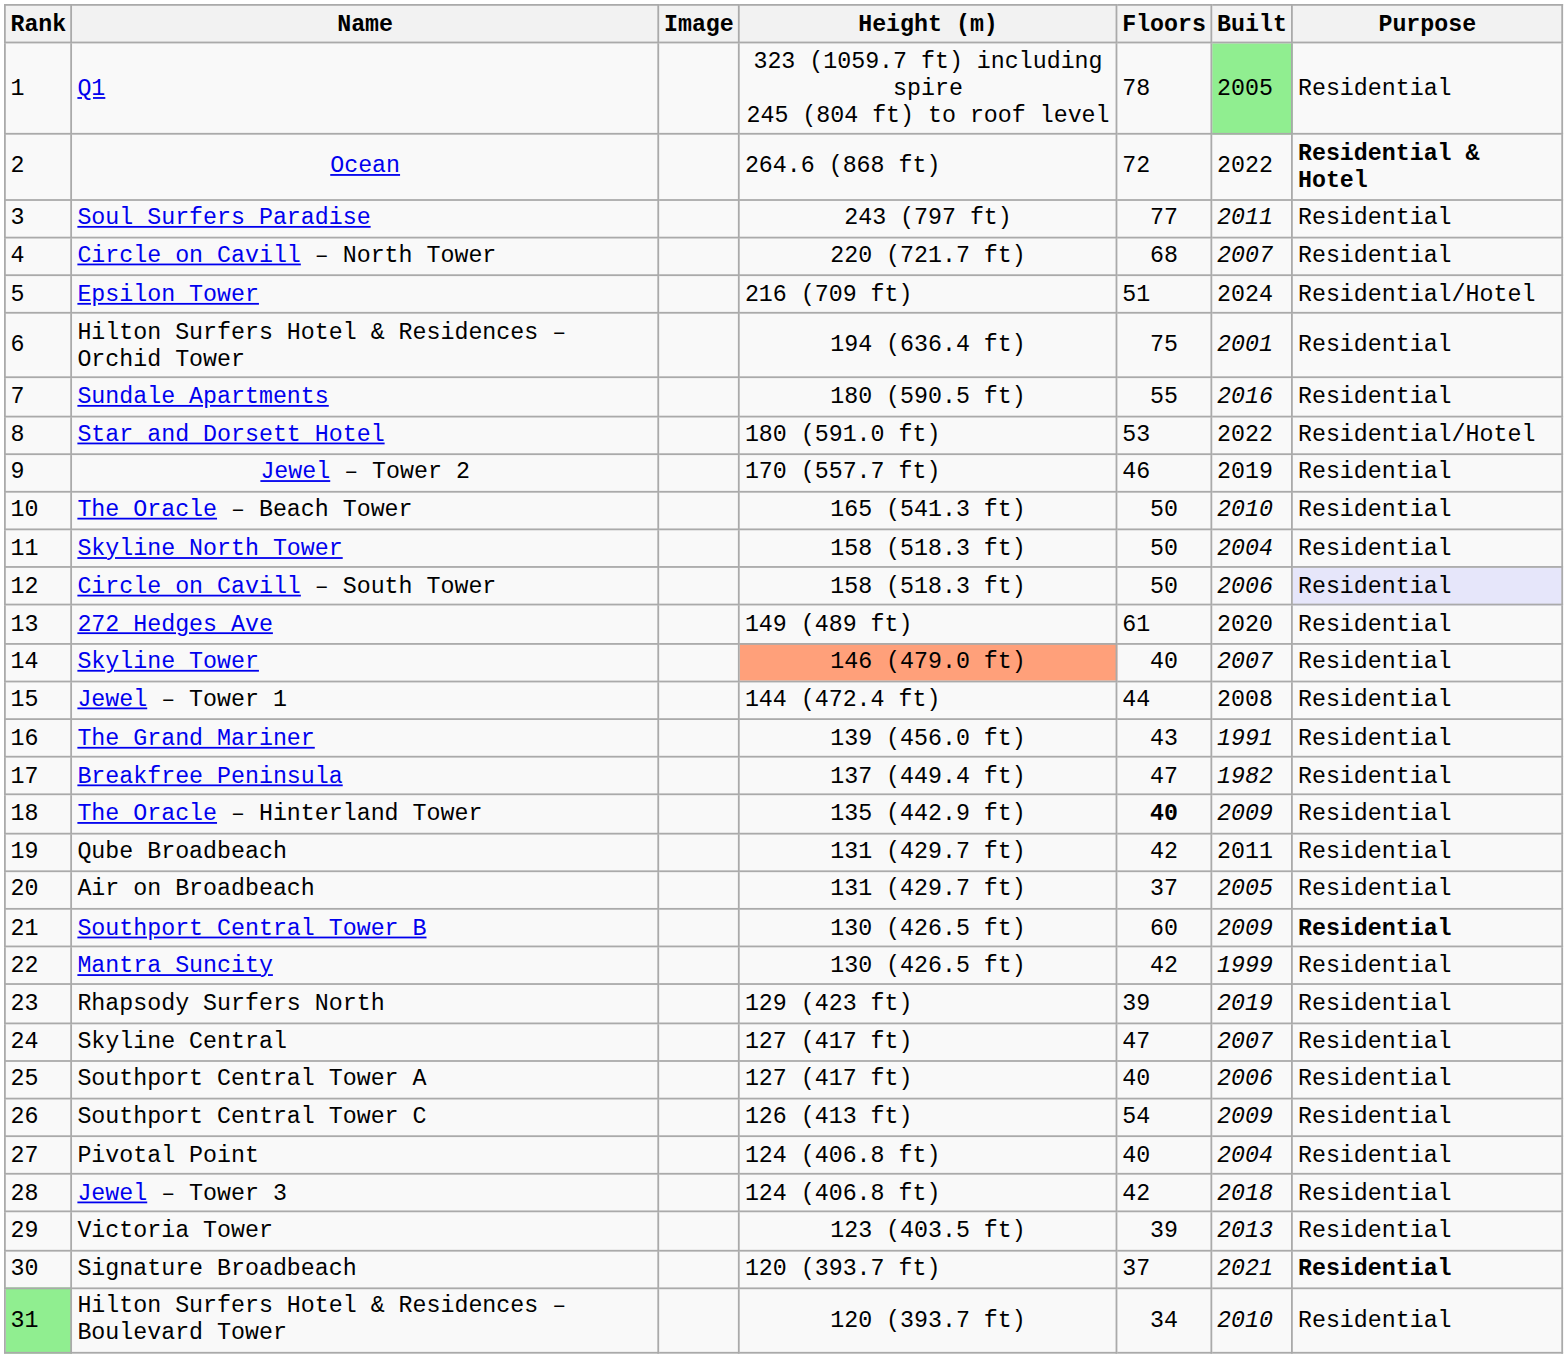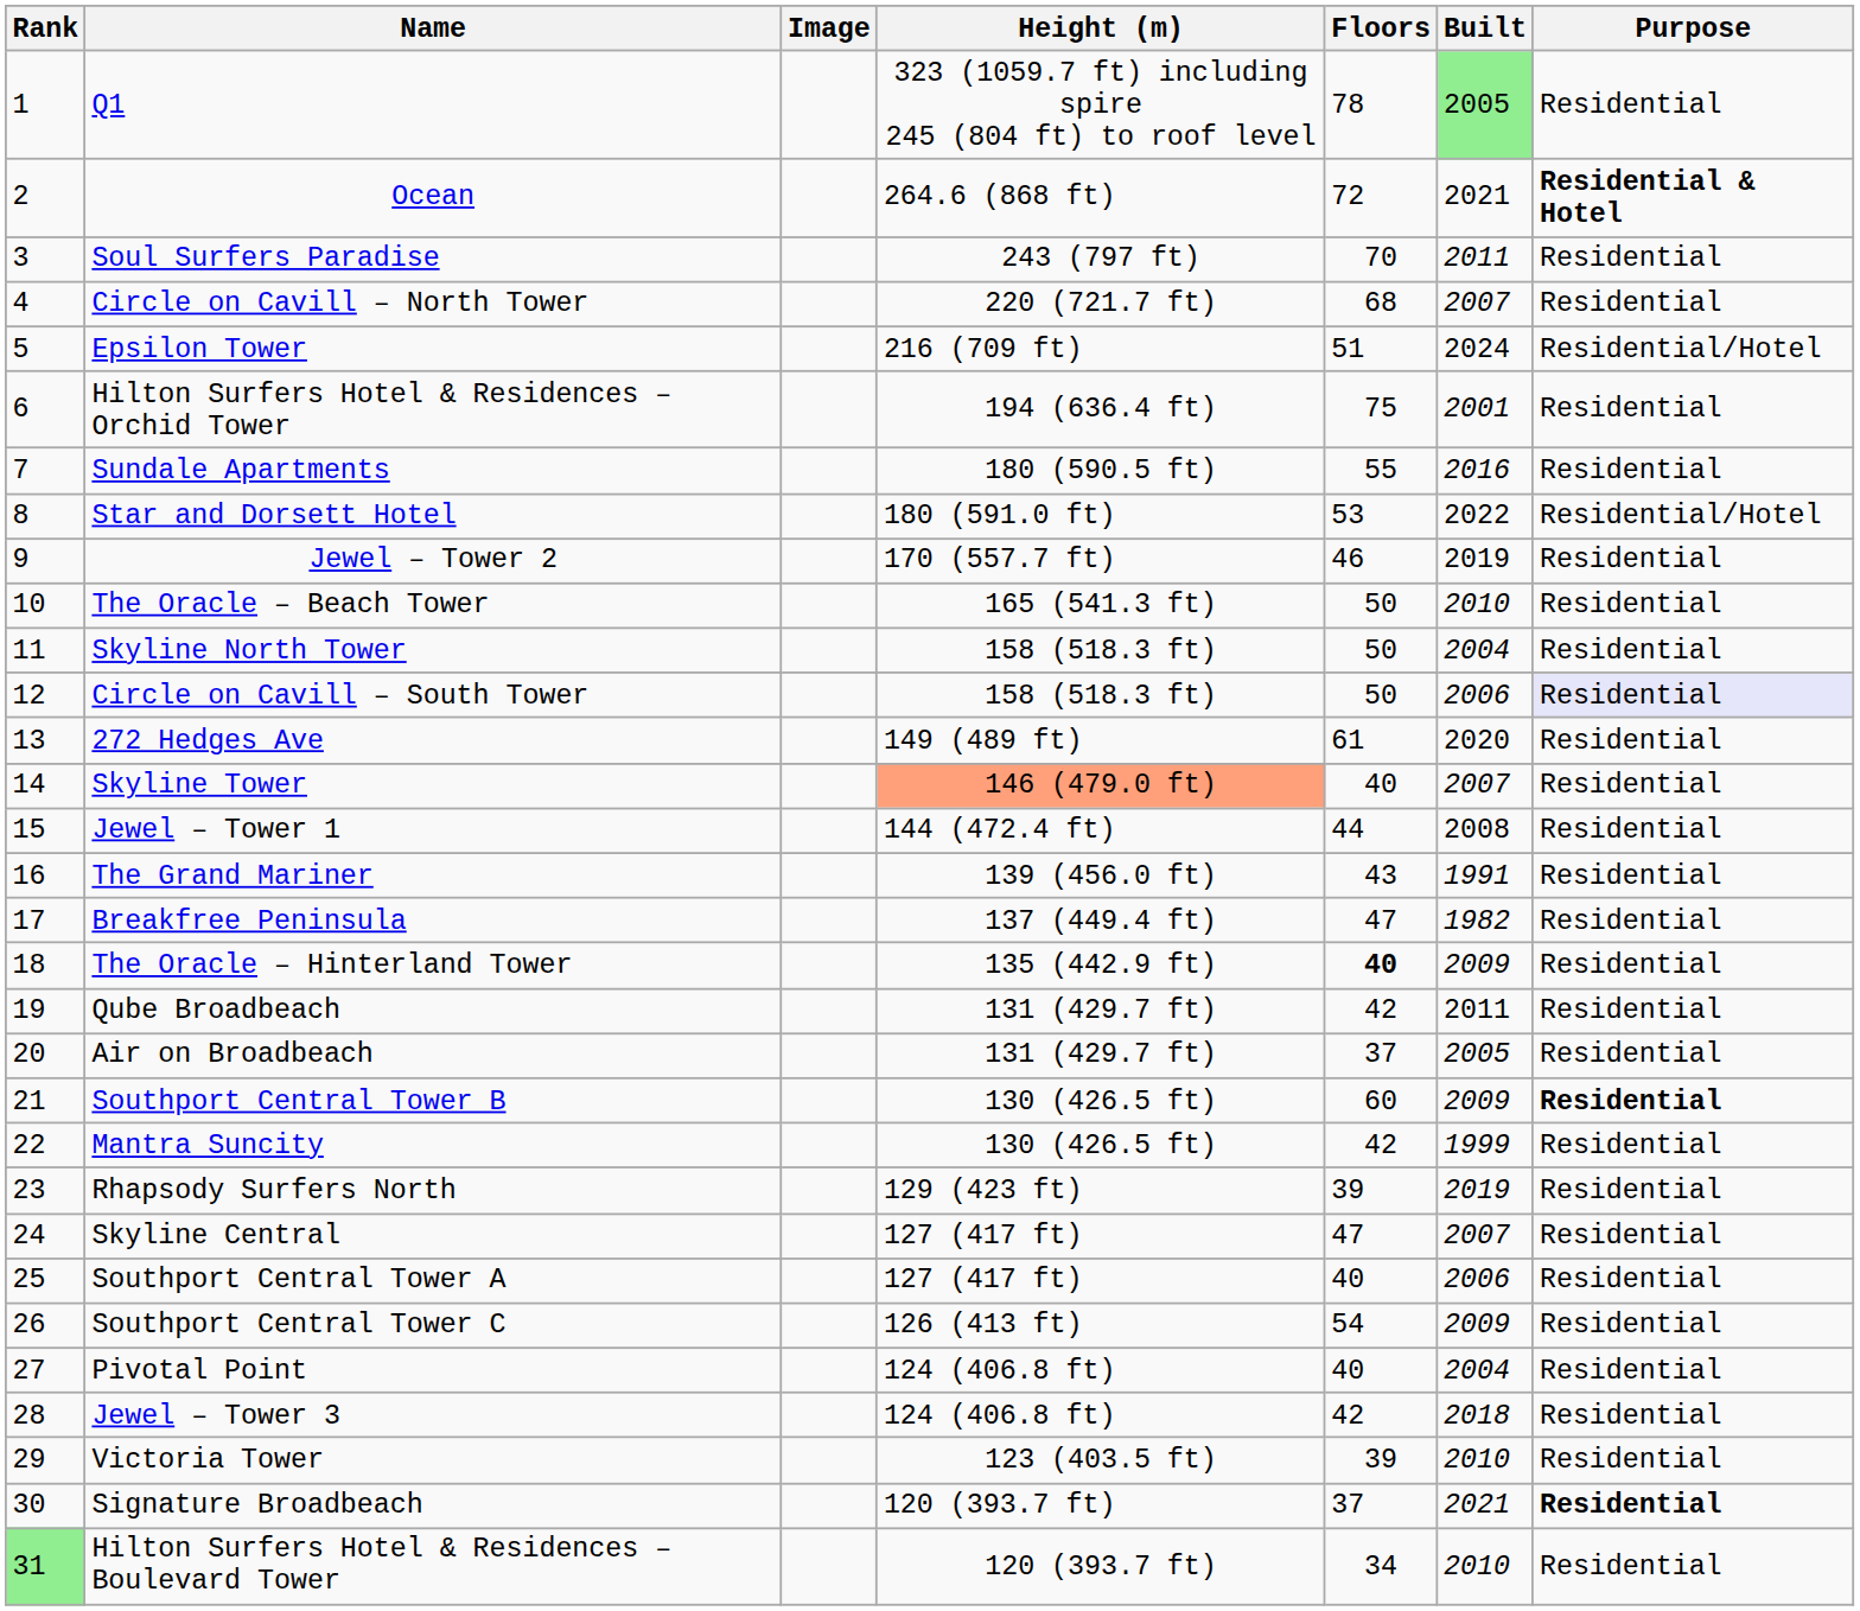 <table class="wikitable sortable">
 <tr>
 <th style="text-align:center">Rank</th>
 <th style="text-align:center">Name</th>
 <th style="text-align:center">Image</th>
 <th style="text-align:center">Height (m)</th>
 <th style="text-align:center">Floors</th>
 <th style="text-align:center">Built</th>
 <th>Purpose</th>
 </tr>
 <tr>
 <td>1</td>
 <td><a href='#'>Q1</a></td>
 <td style="text-align:center"></td>
 <td style="text-align:center">323 (1059.7 ft) including spire<br>245 (804 ft) to roof level</td>
 <td>78</td>
 <td style="background: lightgreen;">2005</td>
 <td>Residential</td>
 </tr>
 <tr>
 <td>2</td>
 <td style="text-align:center"><a href='#'>Ocean</a></td>
 <td style="text-align:center"></td>
 <td>264.6 (868 ft)</td>
 <td>72</td>
-<td>2022</td>
+<td>2021</td>
 <td><strong>Residential & Hotel</strong></td>
 </tr>
 <tr>
 <td>3</td>
 <td><a href='#'>Soul Surfers Paradise</a></td>
 <td style="text-align:center"></td>
 <td style="text-align:center">243 (797 ft)</td>
-<td style="text-align:center">77</td>
+<td style="text-align:center">70</td>
 <td><em>2011</em></td>
 <td>Residential</td>
 </tr>
 <tr>
 <td>4</td>
 <td><a href='#'>Circle on Cavill</a> – North Tower</td>
 <td style="text-align:center"></td>
 <td style="text-align:center">220 (721.7 ft)</td>
 <td style="text-align:center">68</td>
 <td><em>2007</em></td>
 <td>Residential</td>
 </tr>
 <tr>
 <td>5</td>
 <td><a href='#'>Epsilon Tower</a></td>
 <td style”text-align:center”></td>
 <td style=“text-align:centre”>216 (709 ft)</td>
 <td style=“text-align:center”>51</td>
 <td>2024</td>
 <td>Residential/Hotel</td>
 </tr>
 <tr>
 <td>6</td>
 <td>Hilton Surfers Hotel & Residences – Orchid Tower</td>
 <td style="text-align:center"></td>
 <td style="text-align:center">194 (636.4 ft)</td>
 <td style="text-align:center">75</td>
 <td><em>2001</em></td>
 <td>Residential</td>
 </tr>
 <tr>
 <td>7</td>
 <td><a href='#'>Sundale Apartments</a></td>
 <td style="text-align:center"></td>
 <td style="text-align:center">180 (590.5 ft)</td>
 <td style="text-align:center">55</td>
 <td><em>2016</em></td>
 <td>Residential</td>
 </tr>
 <tr>
 <td>8</td>
 <td><a href='#'>Star and Dorsett Hotel</a></td>
 <td style=“text-align:center”></td>
 <td>180 (591.0 ft)</td>
 <td>53</td>
 <td>2022</td>
 <td>Residential/Hotel</td>
 </tr>
 <tr>
 <td>9</td>
 <td style="text-align:center"><a href='#'>Jewel</a> – Tower 2</td>
 <td style="text-align:center"></td>
 <td>170 (557.7 ft)</td>
 <td>46</td>
 <td>2019</td>
 <td>Residential</td>
 </tr>
 <tr>
 <td>10</td>
 <td><a href='#'>The Oracle</a> – Beach Tower</td>
 <td style="text-align:center"></td>
 <td style="text-align:center">165 (541.3 ft)</td>
 <td style="text-align:center">50</td>
 <td><em>2010</em></td>
 <td>Residential</td>
 </tr>
 <tr>
 <td>11</td>
 <td><a href='#'>Skyline North Tower</a></td>
 <td style="text-align:center"></td>
 <td style="text-align:center">158 (518.3 ft)</td>
 <td style="text-align:center">50</td>
 <td><em>2004</em></td>
 <td>Residential</td>
 </tr>
 <tr>
 <td>12</td>
 <td><a href='#'>Circle on Cavill</a> – South Tower</td>
 <td style="text-align:center"></td>
 <td style="text-align:center">158 (518.3 ft)</td>
 <td style="text-align:center">50</td>
 <td><em>2006</em></td>
 <td style="background: lavender;">Residential</td>
 </tr>
 <tr>
 <td>13</td>
 <td><a href='#'>272 Hedges Ave</a></td>
 <td style=“text-align:center”></td>
 <td style=“text-align:center”>149 (489 ft)</td>
 <td style=“text-align:center”>61</td>
 <td>2020</td>
 <td>Residential</td>
 </tr>
 <tr>
 <td>14</td>
 <td><a href='#'>Skyline Tower</a></td>
 <td style="text-align:center"></td>
 <td style="background: lightsalmon; text-align:center">146 (479.0 ft)</td>
 <td style="text-align:center">40</td>
 <td><em>2007</em></td>
 <td>Residential</td>
 </tr>
 <tr>
 <td>15</td>
 <td><a href='#'>Jewel</a> – Tower 1</td>
 <td></td>
 <td>144 (472.4 ft)</td>
 <td>44</td>
 <td>2008</td>
 <td>Residential</td>
 </tr>
 <tr>
 <td>16</td>
 <td><a href='#'>The Grand Mariner</a></td>
 <td style="text-align:center"></td>
 <td style="text-align:center">139 (456.0 ft)</td>
 <td style="text-align:center">43</td>
 <td><em>1991</em></td>
 <td>Residential</td>
 </tr>
 <tr>
 <td>17</td>
 <td><a href='#'>Breakfree Peninsula</a></td>
 <td style="text-align:center"></td>
 <td style="text-align:center">137 (449.4 ft)</td>
 <td style="text-align:center">47</td>
 <td><em>1982</em></td>
 <td>Residential</td>
 </tr>
 <tr>
 <td>18</td>
 <td><a href='#'>The Oracle</a> – Hinterland Tower</td>
 <td style="text-align:center"></td>
 <td style="text-align:center">135 (442.9 ft)</td>
 <td style="text-align:center"><strong>40</strong></td>
 <td><em>2009</em></td>
 <td>Residential</td>
 </tr>
 <tr>
 <td>19</td>
 <td>Qube Broadbeach</td>
 <td style="text-align:center"></td>
 <td style="text-align:center">131 (429.7 ft)</td>
 <td style="text-align:center">42</td>
 <td>2011</td>
 <td>Residential</td>
 </tr>
 <tr>
 <td>20</td>
 <td>Air on Broadbeach</td>
 <td style="text-align:center"></td>
 <td style="text-align:center">131 (429.7 ft)</td>
 <td style="text-align:center">37</td>
 <td><em>2005</em></td>
 <td>Residential</td>
 </tr>
 <tr>
 <td>21</td>
 <td><a href='#'>Southport Central Tower B</a></td>
 <td style="text-align:center"></td>
 <td style="text-align:center">130 (426.5 ft)</td>
 <td style="text-align:center">60</td>
 <td><em>2009</em></td>
 <td><strong>Residential</strong></td>
 </tr>
 <tr>
 <td>22</td>
 <td><a href='#'>Mantra Suncity</a></td>
 <td style="text-align:center"></td>
 <td style="text-align:center">130 (426.5 ft)</td>
 <td style="text-align:center">42</td>
 <td><em>1999</em></td>
 <td>Residential</td>
 </tr>
 <tr>
 <td>23</td>
 <td>Rhapsody Surfers North</td>
 <td></td>
 <td>129 (423 ft)</td>
 <td>39</td>
 <td><em>2019</em></td>
 <td>Residential</td>
 </tr>
 <tr>
 <td>24</td>
 <td>Skyline Central</td>
 <td></td>
 <td>127 (417 ft)</td>
 <td>47</td>
 <td><em>2007</em></td>
 <td>Residential</td>
 </tr>
 <tr>
 <td>25</td>
 <td>Southport Central Tower A</td>
 <td></td>
 <td>127 (417 ft)</td>
 <td>40</td>
 <td><em>2006</em></td>
 <td>Residential</td>
 </tr>
 <tr>
 <td>26</td>
 <td>Southport Central Tower C</td>
 <td></td>
 <td>126 (413 ft)</td>
 <td>54</td>
 <td><em>2009</em></td>
 <td>Residential</td>
 </tr>
 <tr>
 <td>27</td>
 <td>Pivotal Point</td>
 <td></td>
 <td>124 (406.8 ft)</td>
 <td>40</td>
 <td><em>2004</em></td>
 <td>Residential</td>
 </tr>
 <tr>
 <td>28</td>
 <td><a href='#'>Jewel</a> – Tower 3</td>
 <td></td>
 <td>124 (406.8 ft)</td>
 <td>42</td>
 <td><em>2018</em></td>
 <td>Residential</td>
 </tr>
 <tr>
 <td>29</td>
 <td>Victoria Tower</td>
 <td style="text-align:center"></td>
 <td style="text-align:center">123 (403.5 ft)</td>
 <td style="text-align:center">39</td>
-<td><em>2013</em></td>
+<td><em>2010</em></td>
 <td>Residential</td>
 </tr>
 <tr>
 <td>30</td>
 <td>Signature Broadbeach</td>
 <td></td>
 <td>120 (393.7 ft)</td>
 <td>37</td>
 <td><em>2021</em></td>
 <td><strong>Residential</strong></td>
 </tr>
 <tr>
 <td style="background: lightgreen;">31</td>
 <td>Hilton Surfers Hotel & Residences – Boulevard Tower</td>
 <td style="text-align:center"></td>
 <td style="text-align:center">120 (393.7 ft)</td>
 <td style="text-align:center">34</td>
 <td><em>2010</em></td>
 <td>Residential</td>
 </tr>
 </table>
